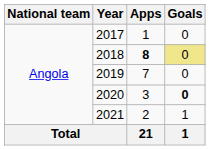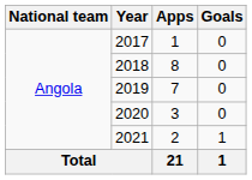 <table class="wikitable" style="text-align:center">
 <tr>
 <th>National team</th>
 <th>Year</th>
 <th>Apps</th>
 <th>Goals</th>
 </tr>
 <tr>
 <td rowspan="5"><a href='#'>Angola</a></td>
 <td>2017</td>
 <td>1</td>
 <td>0</td>
 </tr>
 <tr>
 <td>2018</td>
-<td><strong>8</strong></td>
-<td style="background: khaki;">0</td>
+<td>8</td>
+<td>0</td>
 </tr>
 <tr>
 <td>2019</td>
 <td>7</td>
 <td>0</td>
 </tr>
 <tr>
 <td>2020</td>
 <td>3</td>
-<td><strong>0</strong></td>
+<td>0</td>
 </tr>
 <tr>
 <td>2021</td>
 <td>2</td>
 <td>1</td>
 </tr>
 <tr>
 <th colspan="2">Total</th>
 <th>21</th>
 <th>1</th>
 </tr>
 </table>
